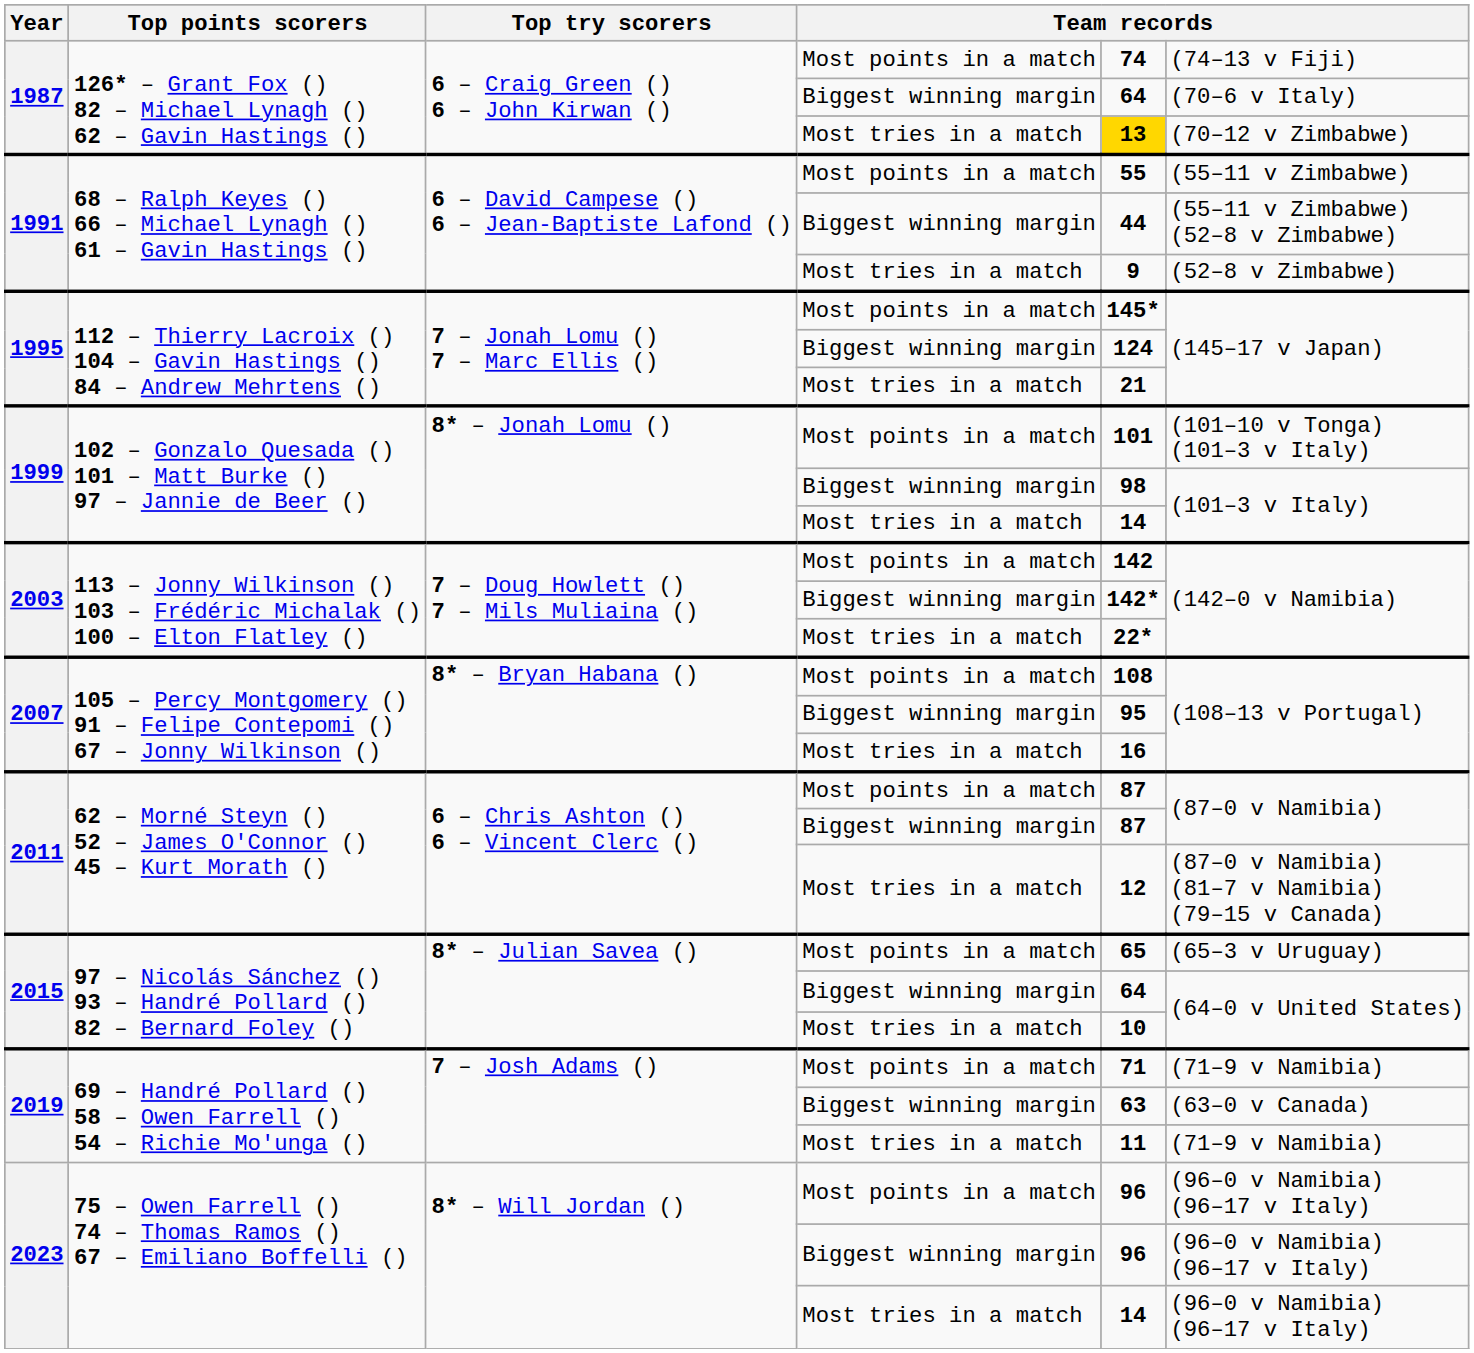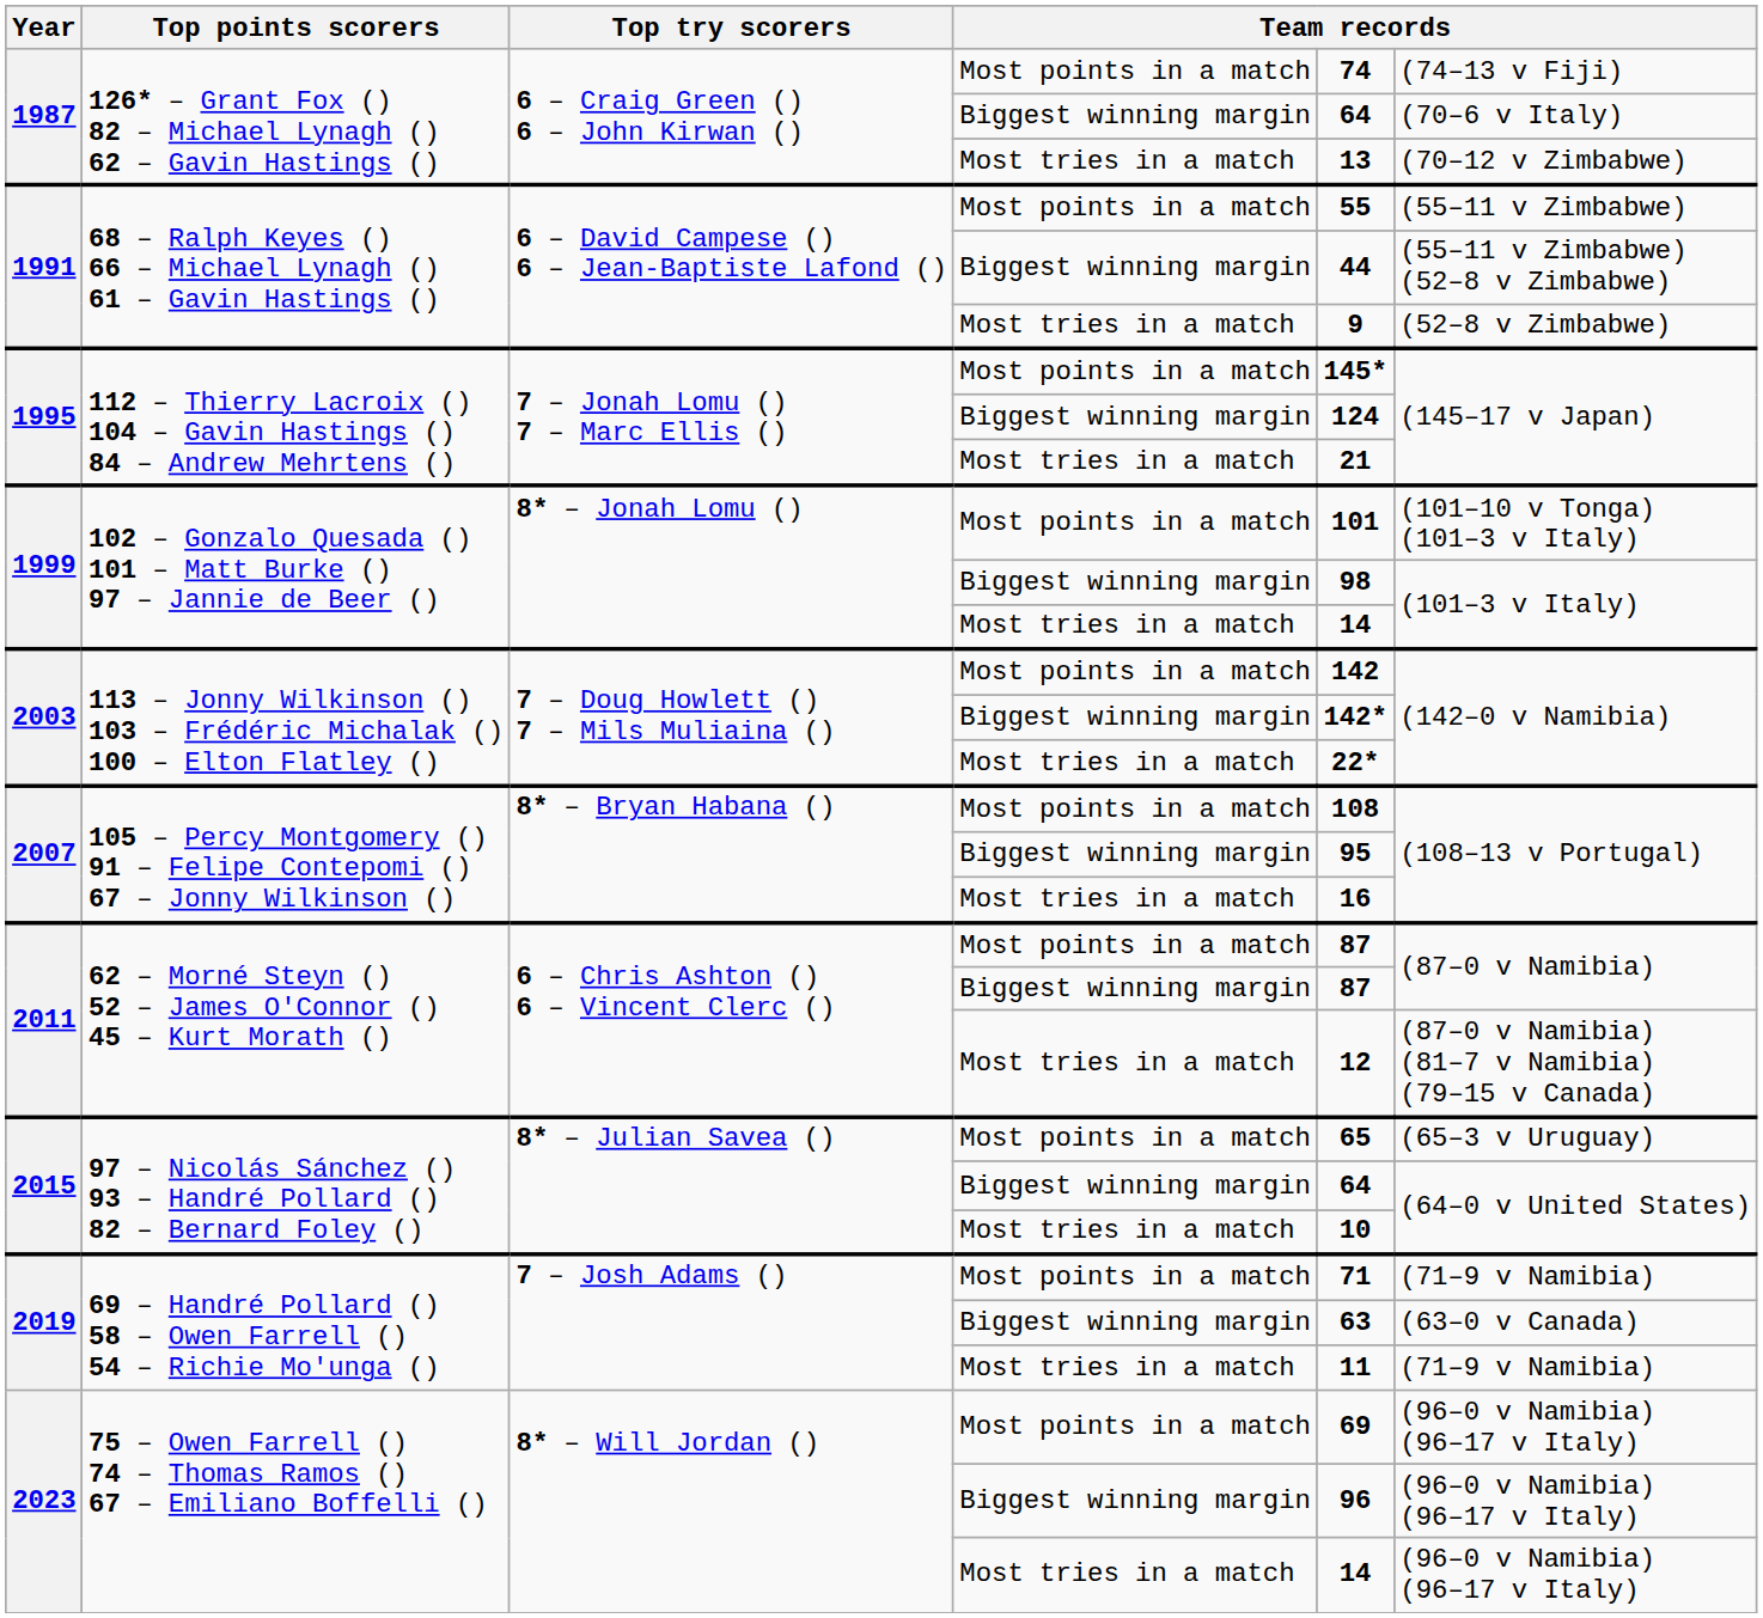 <table class="wikitable">
 <tr>
 <th width=30>Year</th>
 <th>Top points scorers</th>
 <th>Top try scorers</th>
 <th colspan=4>Team records</th>
 </tr>
 <tr>
 <th rowspan=3><a href='#'>1987</a></th>
 <td style="border-bottom:2px solid black" rowspan=3 valign=top><br><strong>126*</strong> – <a href='#'>Grant Fox</a> ()<br> <strong>82</strong> – <a href='#'>Michael Lynagh</a> ()<br> <strong>62</strong> – <a href='#'>Gavin Hastings</a> ()</td>
 <td style="border-bottom:2px solid black" rowspan=3 valign=top><br><strong>6</strong> – <a href='#'>Craig Green</a> ()<br> <strong>6</strong> – <a href='#'>John Kirwan</a> ()</td>
 <td>Most points in a match</td>
 <td align=center><strong>74</strong></td>
 <td> (74–13 v Fiji)</td>
 </tr>
 <tr>
 <td>Biggest winning margin</td>
 <td align=center><strong>64</strong></td>
 <td> (70–6 v Italy)</td>
 </tr>
 <tr style="border-bottom:2px solid black">
 <td>Most tries in a match</td>
-<td align=center style="background: gold;"><strong>13</strong></td>
+<td align=center><strong>13</strong></td>
 <td> (70–12 v Zimbabwe)</td>
 </tr>
 <tr>
 <th rowspan=3><a href='#'>1991</a></th>
 <td style="border-bottom:2px solid black" rowspan=3 valign=top><br><strong>68</strong> – <a href='#'>Ralph Keyes</a> ()<br> <strong>66</strong> – <a href='#'>Michael Lynagh</a> ()<br> <strong>61</strong> – <a href='#'>Gavin Hastings</a> ()</td>
 <td style="border-bottom:2px solid black" rowspan=3 valign=top><br><strong>6</strong> – <a href='#'>David Campese</a> ()<br> <strong>6</strong> – <a href='#'>Jean-Baptiste Lafond</a> ()</td>
 <td>Most points in a match</td>
 <td align=center><strong>55</strong></td>
 <td> (55–11 v Zimbabwe)</td>
 </tr>
 <tr>
 <td>Biggest winning margin</td>
 <td align=center><strong>44</strong></td>
 <td> (55–11 v Zimbabwe)<br> (52–8 v Zimbabwe)</td>
 </tr>
 <tr style="border-bottom:2px solid black">
 <td>Most tries in a match</td>
 <td align=center><strong>9</strong></td>
 <td> (52–8 v Zimbabwe)</td>
 </tr>
 <tr>
 <th rowspan=3><a href='#'>1995</a></th>
 <td style="border-bottom:2px solid black" rowspan=3 valign=top><br><strong>112</strong> – <a href='#'>Thierry Lacroix</a> ()<br> <strong>104</strong> – <a href='#'>Gavin Hastings</a> ()<br> <strong>84</strong> – <a href='#'>Andrew Mehrtens</a> ()</td>
 <td style="border-bottom:2px solid black" rowspan=3 valign=top><br><strong>7</strong> – <a href='#'>Jonah Lomu</a> ()<br> <strong>7</strong> – <a href='#'>Marc Ellis</a> ()</td>
 <td>Most points in a match</td>
 <td align=center><strong>145*</strong></td>
 <td style="border-bottom:2px solid black" rowspan=3> (145–17 v Japan)</td>
 </tr>
 <tr>
 <td>Biggest winning margin</td>
 <td align=center><strong>124</strong></td>
 </tr>
 <tr style="border-bottom:2px solid black">
 <td>Most tries in a match</td>
 <td align=center><strong>21</strong></td>
 </tr>
 <tr>
 <th rowspan=3><a href='#'>1999</a></th>
 <td style="border-bottom:2px solid black" rowspan=3 valign=top><br><strong>102</strong> – <a href='#'>Gonzalo Quesada</a> ()<br> <strong>101</strong> – <a href='#'>Matt Burke</a> ()<br> <strong>97</strong> – <a href='#'>Jannie de Beer</a> ()</td>
 <td style="border-bottom:2px solid black" rowspan=3 valign=top><strong>8*</strong> – <a href='#'>Jonah Lomu</a> ()</td>
 <td>Most points in a match</td>
 <td align=center><strong>101</strong></td>
 <td> (101–10 v Tonga)<br> (101–3 v Italy)</td>
 </tr>
 <tr>
 <td>Biggest winning margin</td>
 <td align=center><strong>98</strong></td>
 <td style="border-bottom:2px solid black" rowspan=2> (101–3 v Italy)</td>
 </tr>
 <tr style="border-bottom:2px solid black">
 <td>Most tries in a match</td>
 <td align=center><strong>14</strong></td>
 </tr>
 <tr>
 <th rowspan=3><a href='#'>2003</a></th>
 <td style="border-bottom:2px solid black" rowspan=3 valign=top><br><strong>113</strong> – <a href='#'>Jonny Wilkinson</a> ()<br> <strong>103</strong> – <a href='#'>Frédéric Michalak</a> ()<br> <strong>100</strong> – <a href='#'>Elton Flatley</a> ()</td>
 <td style="border-bottom:2px solid black" rowspan=3 valign=top><br><strong>7</strong> – <a href='#'>Doug Howlett</a> ()<br> <strong>7</strong> – <a href='#'>Mils Muliaina</a> ()</td>
 <td>Most points in a match</td>
 <td align=center><strong>142</strong></td>
 <td style="border-bottom:2px solid black" rowspan=3> (142–0 v Namibia)</td>
 </tr>
 <tr>
 <td>Biggest winning margin</td>
 <td align=center><strong>142*</strong></td>
 </tr>
 <tr style="border-bottom:2px solid black">
 <td>Most tries in a match</td>
 <td align=center><strong>22*</strong></td>
 </tr>
 <tr>
 <th rowspan=3><a href='#'>2007</a></th>
 <td style="border-bottom:2px solid black" rowspan=3 valign=top><br><strong>105</strong> – <a href='#'>Percy Montgomery</a> ()<br> <strong>91</strong> – <a href='#'>Felipe Contepomi</a> ()<br> <strong>67</strong> – <a href='#'>Jonny Wilkinson</a> ()</td>
 <td style="border-bottom:2px solid black" rowspan=3 valign=top><strong>8*</strong> – <a href='#'>Bryan Habana</a> ()</td>
 <td>Most points in a match</td>
 <td align=center><strong>108</strong></td>
 <td style="border-bottom:2px solid black" rowspan=3> (108–13 v Portugal)</td>
 </tr>
 <tr>
 <td>Biggest winning margin</td>
 <td align=center><strong>95</strong></td>
 </tr>
 <tr style="border-bottom:2px solid black">
 <td>Most tries in a match</td>
 <td align=center><strong>16</strong></td>
 </tr>
 <tr>
 <th rowspan=3><a href='#'>2011</a></th>
 <td style="border-bottom:2px solid black" rowspan=3 valign=top><br><strong>62</strong> – <a href='#'>Morné Steyn</a> ()<br> <strong>52</strong> – <a href='#'>James O'Connor</a> ()<br> <strong>45</strong> – <a href='#'>Kurt Morath</a> ()</td>
 <td style="border-bottom:2px solid black" rowspan=3 valign=top><br><strong>6</strong> – <a href='#'>Chris Ashton</a> ()<br> <strong>6</strong> – <a href='#'>Vincent Clerc</a> ()</td>
 <td>Most points in a match</td>
 <td align=center><strong>87</strong></td>
 <td rowspan=2> (87–0 v Namibia)</td>
 </tr>
 <tr>
 <td>Biggest winning margin</td>
 <td align=center><strong>87</strong></td>
 </tr>
 <tr style="border-bottom:2px solid black">
 <td>Most tries in a match</td>
 <td align=center><strong>12</strong></td>
 <td> (87–0 v Namibia)<br> (81–7 v Namibia)<br> (79–15 v Canada)</td>
 </tr>
 <tr>
 <th rowspan=3><a href='#'>2015</a></th>
 <td style="border-bottom:2px solid black" rowspan=3 valign=top><br><strong>97</strong> – <a href='#'>Nicolás Sánchez</a> ()<br> <strong>93</strong> – <a href='#'>Handré Pollard</a> ()<br> <strong>82</strong> – <a href='#'>Bernard Foley</a> ()</td>
 <td style="border-bottom:2px solid black" rowspan=3 valign=top><strong>8*</strong> – <a href='#'>Julian Savea</a> ()</td>
 <td>Most points in a match</td>
 <td align=center><strong>65</strong></td>
 <td> (65–3 v Uruguay)</td>
 </tr>
 <tr>
 <td>Biggest winning margin</td>
 <td align=center><strong>64</strong></td>
 <td style="border-bottom:2px solid black" rowspan=2> (64–0 v United States)</td>
 </tr>
 <tr style="border-bottom:2px solid black">
 <td>Most tries in a match</td>
 <td align=center><strong>10</strong></td>
 </tr>
 <tr>
 <th rowspan=3><a href='#'>2019</a></th>
 <td rowspan=3 valign=top><br><strong>69</strong> – <a href='#'>Handré Pollard</a> ()<br> <strong>58</strong> – <a href='#'>Owen Farrell</a> ()<br> <strong>54</strong> – <a href='#'>Richie Mo'unga</a> ()<br></td>
 <td rowspan=3 valign=top><strong>7</strong> – <a href='#'>Josh Adams</a> ()</td>
 <td>Most points in a match</td>
 <td align=center><strong>71</strong></td>
 <td> (71–9 v Namibia)</td>
 </tr>
 <tr>
 <td>Biggest winning margin</td>
 <td align=center><strong>63</strong></td>
 <td> (63–0 v Canada)</td>
 </tr>
 <tr>
 <td>Most tries in a match</td>
 <td align=center><strong>11</strong></td>
 <td> (71–9 v Namibia)</td>
 </tr>
 <tr>
 <th rowspan=3><a href='#'>2023</a></th>
 <td rowspan=3 valign=top><br><strong>75</strong> – <a href='#'>Owen Farrell</a> ()<br> <strong>74</strong> – <a href='#'>Thomas Ramos</a> ()<br> <strong>67</strong> – <a href='#'>Emiliano Boffelli</a> ()</td>
 <td rowspan=3 valign=top><br><strong>8*</strong> – <a href='#'>Will Jordan</a> ()</td>
 <td>Most points in a match</td>
-<td align=center><strong>96</strong></td>
+<td align=center><strong>69</strong></td>
 <td> (96–0 v Namibia)<br>  (96–17 v Italy)</td>
 </tr>
 <tr>
 <td>Biggest winning margin</td>
 <td align=center><strong>96</strong></td>
 <td> (96–0 v Namibia)<br>  (96–17 v Italy)</td>
 </tr>
 <tr>
 <td>Most tries in a match</td>
 <td align=center><strong>14</strong></td>
 <td> (96–0 v Namibia)<br>  (96–17 v Italy)</td>
 </tr>
 </table>
